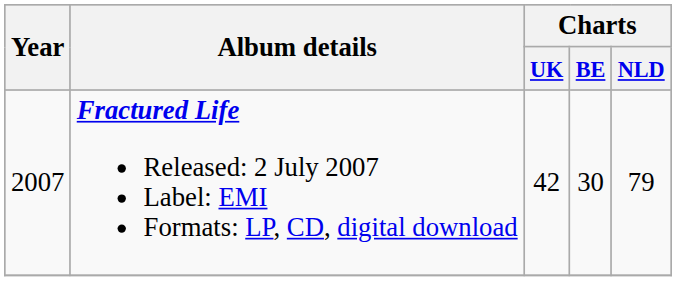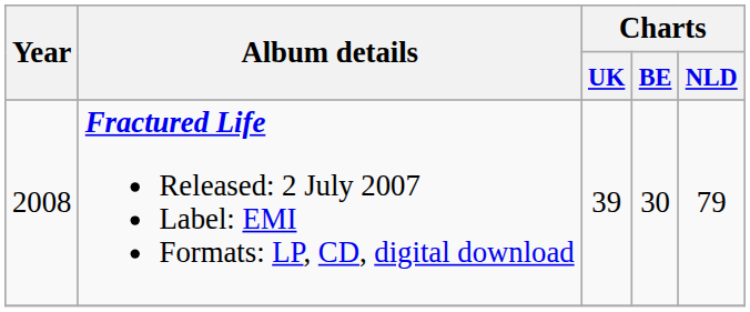 <table class="wikitable">
 <tr>
 <th rowspan="2">Year</th>
 <th rowspan="2">Album details</th>
 <th colspan="3">Charts</th>
 </tr>
 <tr>
 <th><small><a href='#'>UK</a></small></th>
 <th><small><a href='#'>BE</a></small></th>
 <th><small><a href='#'>NLD</a></small></th>
 </tr>
 <tr>
-<td>2007</td>
+<td>2008</td>
 <td><strong><em><a href='#'>Fractured Life</a></em></strong><br><ul><li>Released: 2 July 2007</li><li>Label: <a href='#'>EMI</a></li><li>Formats: <a href='#'>LP</a>, <a href='#'>CD</a>, <a href='#'>digital download</a></li></ul></td>
-<td align="center">42</td>
+<td align="center">39</td>
 <td align="center">30</td>
 <td align="center">79</td>
 </tr>
 <tr>
 </tr>
 </table>
